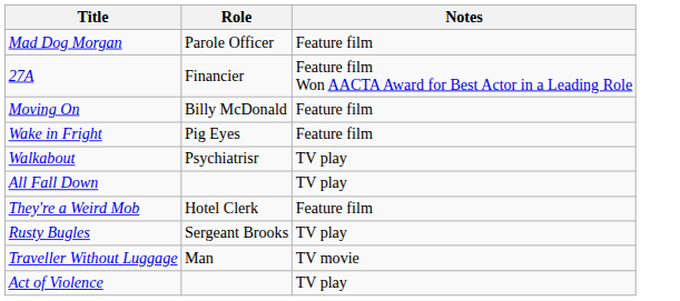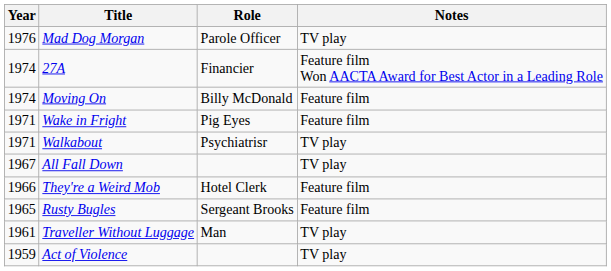 <table class="wikitable sortable">
 <tr>
+<th>Year</th>
 <th>Title</th>
 <th>Role</th>
 <th>Notes</th>
 </tr>
 <tr>
+<td>1976</td>
 <td><em><a href='#'>Mad Dog Morgan</a></em></td>
 <td>Parole Officer</td>
-<td>Feature film</td>
+<td>TV play</td>
 </tr>
 <tr>
+<td>1974</td>
 <td><em><a href='#'>27A</a></em></td>
 <td>Financier</td>
 <td>Feature film<br>Won <a href='#'>AACTA Award for Best Actor in a Leading Role</a></td>
 </tr>
 <tr>
+<td>1974</td>
 <td><em><a href='#'>Moving On</a></em></td>
 <td>Billy McDonald</td>
 <td>Feature film</td>
 </tr>
 <tr>
+<td>1971</td>
 <td><em><a href='#'>Wake in Fright</a></em></td>
 <td>Pig Eyes</td>
 <td>Feature film</td>
 </tr>
 <tr>
+<td>1971</td>
 <td><em><a href='#'>Walkabout</a></em></td>
 <td>Psychiatrisr</td>
 <td>TV play</td>
 </tr>
 <tr>
+<td>1967</td>
 <td><em><a href='#'>All Fall Down</a></em></td>
 <td></td>
 <td>TV play</td>
 </tr>
 <tr>
+<td>1966</td>
 <td><em><a href='#'>They're a Weird Mob</a></em></td>
 <td>Hotel Clerk</td>
 <td>Feature film</td>
 </tr>
 <tr>
+<td>1965</td>
 <td><em><a href='#'>Rusty Bugles</a></em></td>
 <td>Sergeant Brooks</td>
+<td>Feature film</td>
+</tr>
+<tr>
+<td>1961</td>
+<td><em><a href='#'>Traveller Without Luggage</a></em></td>
+<td>Man</td>
 <td>TV play</td>
 </tr>
 <tr>
-<td><em><a href='#'>Traveller Without Luggage</a></em></td>
-<td>Man</td>
-<td>TV movie</td>
-</tr>
-<tr>
+<td>1959</td>
 <td><em><a href='#'>Act of Violence</a></em></td>
 <td></td>
 <td>TV play</td>
 </tr>
 </table>
